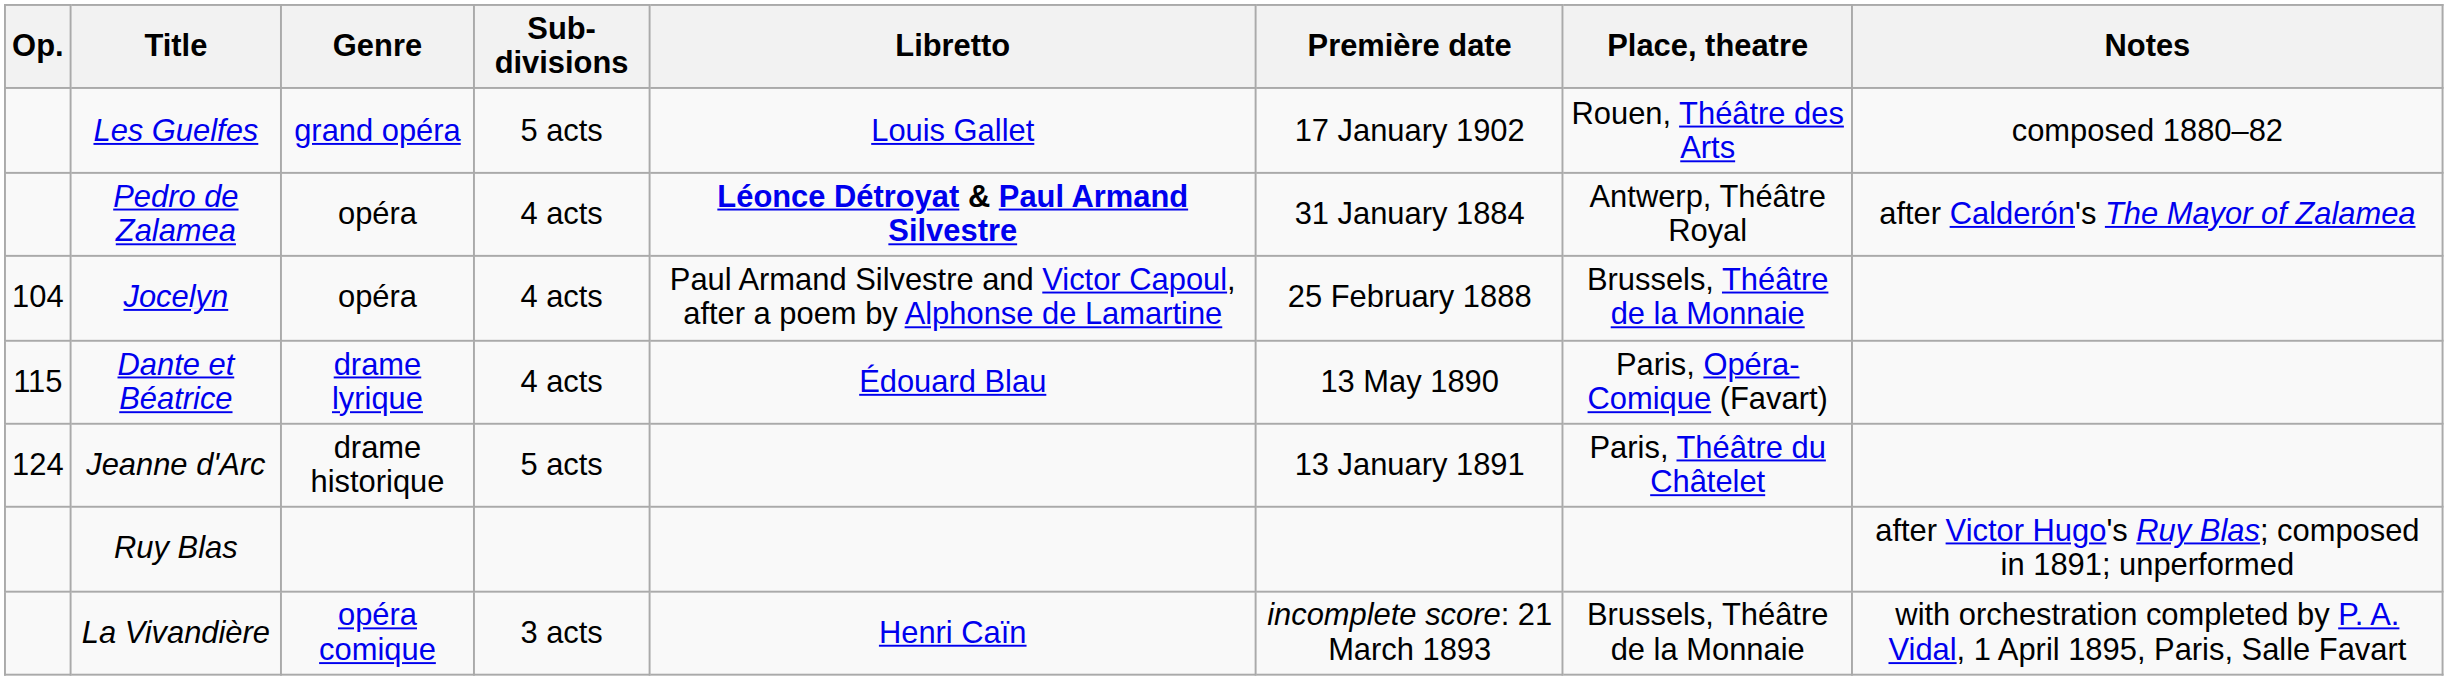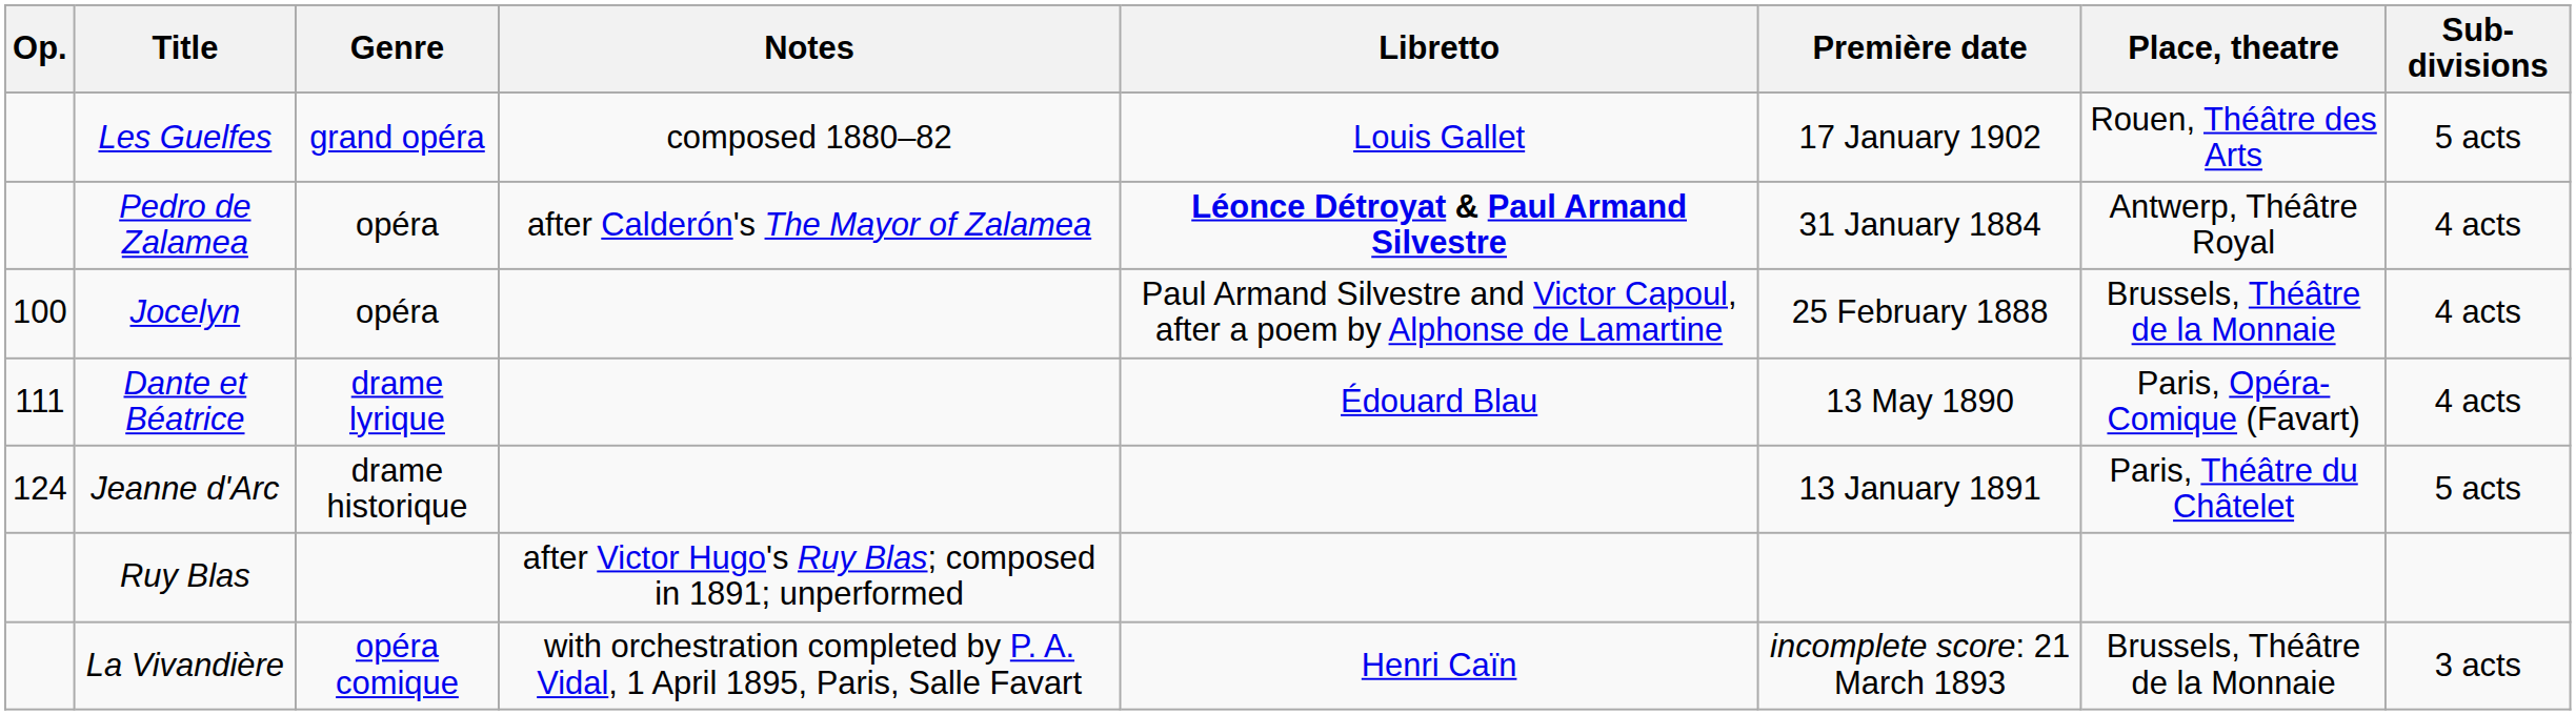 <table class="wikitable sortable" style="width:100%; text-align: center">
 <tr>
 <th>Op.</th>
 <th>Title</th>
 <th>Genre</th>
-<th>Sub­divisions</th>
+<th>Notes</th>
 <th>Libretto</th>
 <th>Première date</th>
 <th>Place, theatre</th>
-<th>Notes</th>
+<th>Sub­divisions</th>
 </tr>
 <tr>
 <td></td>
 <td><em><a href='#'>Les Guelfes</a></em></td>
 <td><a href='#'>grand opéra</a></td>
-<td>5 acts</td>
+<td>composed 1880–82</td>
 <td><a href='#'>Louis Gallet</a></td>
 <td>17 January 1902</td>
 <td>Rouen, <a href='#'>Théâtre des Arts</a></td>
-<td>composed 1880–82</td>
+<td>5 acts</td>
 </tr>
 <tr>
 <td></td>
 <td><em><a href='#'>Pedro de Zalamea</a></em></td>
 <td>opéra</td>
-<td>4 acts</td>
+<td>after <a href='#'>Calderón</a>'s <em><a href='#'>The Mayor of Zalamea</a></em></td>
 <td><strong><a href='#'>Léonce Détroyat</a> & <a href='#'>Paul Armand Silvestre</a></strong></td>
 <td>31 January 1884</td>
 <td>Antwerp, Théâtre Royal</td>
-<td>after <a href='#'>Calderón</a>'s <em><a href='#'>The Mayor of Zalamea</a></em></td>
+<td>4 acts</td>
 </tr>
 <tr>
-<td>104</td>
+<td>100</td>
 <td><em><a href='#'>Jocelyn</a></em></td>
 <td>opéra</td>
-<td>4 acts</td>
+<td></td>
 <td>Paul Armand Silvestre and <a href='#'>Victor Capoul</a>, after a poem by <a href='#'>Alphonse de Lamartine</a></td>
 <td>25 February 1888</td>
 <td>Brussels, <a href='#'>Théâtre de la Monnaie</a></td>
-<td></td>
+<td>4 acts</td>
 </tr>
 <tr>
-<td>115</td>
+<td>111</td>
 <td><em><a href='#'>Dante et Béatrice</a></em></td>
 <td><a href='#'>drame lyrique</a></td>
-<td>4 acts</td>
+<td></td>
 <td><a href='#'>Édouard Blau</a></td>
 <td>13 May 1890</td>
 <td>Paris, <a href='#'>Opéra-Comique</a> (Favart)</td>
-<td></td>
+<td>4 acts</td>
 </tr>
 <tr>
 <td>124</td>
 <td><em>Jeanne d'Arc</em></td>
 <td>drame historique</td>
-<td>5 acts</td>
+<td></td>
 <td></td>
 <td>13 January 1891</td>
 <td>Paris, <a href='#'>Théâtre du Châtelet</a></td>
-<td></td>
+<td>5 acts</td>
 </tr>
 <tr>
 <td></td>
 <td><em>Ruy Blas</em></td>
 <td></td>
+<td>after <a href='#'>Victor Hugo</a>'s <em><a href='#'>Ruy Blas</a></em>; composed in 1891; unperformed</td>
 <td></td>
 <td></td>
 <td></td>
 <td></td>
-<td>after <a href='#'>Victor Hugo</a>'s <em><a href='#'>Ruy Blas</a></em>; composed in 1891; unperformed</td>
 </tr>
 <tr>
 <td></td>
 <td><em>La Vivandière</em></td>
 <td><a href='#'>opéra comique</a></td>
-<td>3 acts</td>
+<td>with orchestration completed by <a href='#'>P. A. Vidal</a>, 1 April 1895, Paris, Salle Favart</td>
 <td><a href='#'>Henri Caïn</a></td>
 <td> <em>incomplete score</em>: 21 March 1893</td>
 <td>Brussels, Théâtre de la Monnaie</td>
-<td>with orchestration completed by <a href='#'>P. A. Vidal</a>, 1 April 1895, Paris, Salle Favart</td>
+<td>3 acts</td>
 </tr>
 </table>
